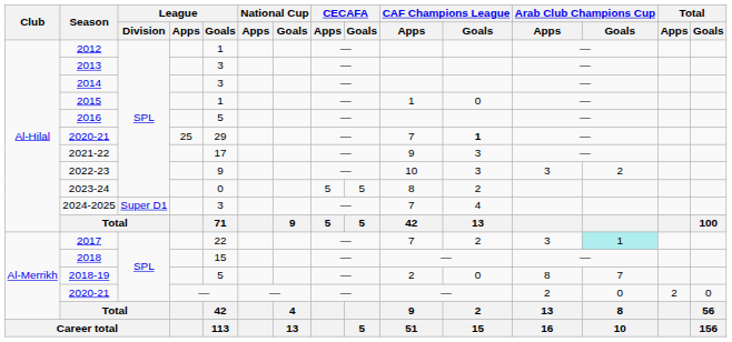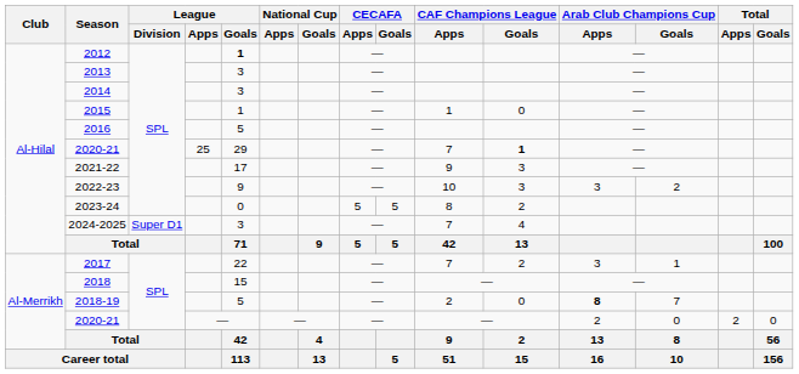 <table class="wikitable" style="text-align: center">
 <tr>
 <th rowspan="2">Club</th>
 <th rowspan="2">Season</th>
 <th colspan="3">League</th>
 <th colspan="2">National Cup</th>
 <th colspan="2"><a href='#'>CECAFA</a></th>
 <th colspan="2"><a href='#'>CAF Champions League</a></th>
 <th colspan="2"><a href='#'>Arab Club Champions Cup</a></th>
 <th colspan="2">Total</th>
 </tr>
 <tr>
 <th>Division</th>
 <th>Apps</th>
 <th>Goals</th>
 <th>Apps</th>
 <th>Goals</th>
 <th>Apps</th>
 <th>Goals</th>
 <th>Apps</th>
 <th>Goals</th>
 <th>Apps</th>
 <th>Goals</th>
 <th>Apps</th>
 <th>Goals</th>
 </tr>
 <tr>
 <td rowspan="11"><a href='#'>Al-Hilal</a></td>
 <td><a href='#'>2012</a></td>
 <td rowspan="9"><a href='#'>SPL</a></td>
 <td></td>
-<td>1</td>
+<td><strong>1</strong></td>
 <td></td>
 <td></td>
 <td colspan="2">—</td>
 <td></td>
 <td></td>
 <td colspan="2">—</td>
 <td></td>
 <td></td>
 </tr>
 <tr>
 <td><a href='#'>2013</a></td>
 <td></td>
 <td>3</td>
 <td></td>
 <td></td>
 <td colspan="2">—</td>
 <td></td>
 <td></td>
 <td colspan="2">—</td>
 <td></td>
 <td></td>
 </tr>
 <tr>
 <td><a href='#'>2014</a></td>
 <td></td>
 <td>3</td>
 <td></td>
 <td></td>
 <td colspan="2">—</td>
 <td></td>
 <td></td>
 <td colspan="2">—</td>
 <td></td>
 <td></td>
 </tr>
 <tr>
 <td><a href='#'>2015</a></td>
 <td></td>
 <td>1</td>
 <td></td>
 <td></td>
 <td colspan="2">—</td>
 <td>1</td>
 <td>0</td>
 <td colspan="2">—</td>
 <td></td>
 <td></td>
 </tr>
 <tr>
 <td><a href='#'>2016</a></td>
 <td></td>
 <td>5</td>
 <td></td>
 <td></td>
 <td colspan="2">—</td>
 <td></td>
 <td></td>
 <td colspan="2">—</td>
 <td></td>
 <td></td>
 </tr>
 <tr>
 <td><a href='#'>2020-21</a></td>
 <td>25</td>
 <td>29</td>
 <td></td>
 <td></td>
 <td colspan="2">—</td>
 <td>7</td>
 <td><strong>1</strong></td>
 <td colspan="2">—</td>
 <td></td>
 <td></td>
 </tr>
 <tr>
 <td 2021-22 Sudan Premier League>2021-22</td>
 <td></td>
 <td>17</td>
 <td></td>
 <td></td>
 <td colspan="2">—</td>
 <td>9</td>
 <td>3</td>
 <td colspan="2">—</td>
 <td></td>
 <td></td>
 </tr>
 <tr>
 <td 2022-23 Sudan Premier League>2022-23</td>
 <td></td>
 <td>9</td>
 <td></td>
 <td></td>
 <td colspan="2">—</td>
 <td>10</td>
 <td>3</td>
 <td>3</td>
 <td>2</td>
 <td></td>
 <td></td>
 </tr>
 <tr>
 <td 2023-24 Sudan Premier League>2023-24</td>
 <td></td>
 <td>0</td>
 <td></td>
 <td></td>
 <td>5</td>
 <td>5</td>
 <td>8</td>
 <td>2</td>
 <td></td>
 <td></td>
 <td></td>
 <td></td>
 </tr>
 <tr>
 <td>2024-2025</td>
 <td><a href='#'>Super D1</a></td>
 <td></td>
 <td>3</td>
 <td></td>
 <td></td>
 <td colspan="2">—</td>
 <td>7</td>
 <td>4</td>
 <td></td>
 <td></td>
 <td></td>
 <td></td>
 </tr>
 <tr>
 <th colspan="2">Total</th>
 <th></th>
 <th>71</th>
 <th></th>
 <th>9</th>
 <th>5</th>
 <th>5</th>
 <th>42</th>
 <th>13</th>
 <th></th>
 <th></th>
 <th></th>
 <th>100</th>
 </tr>
 <tr>
 <td rowspan="5"><a href='#'>Al-Merrikh</a></td>
 <td><a href='#'>2017</a></td>
 <td rowspan="4"><a href='#'>SPL</a></td>
 <td></td>
 <td>22</td>
 <td></td>
 <td></td>
 <td colspan="2">—</td>
 <td>7</td>
 <td>2</td>
 <td>3</td>
-<td style="background: paleturquoise;">1</td>
+<td>1</td>
 <td></td>
 <td></td>
 </tr>
 <tr>
 <td><a href='#'>2018</a></td>
 <td></td>
 <td>15</td>
 <td></td>
 <td></td>
 <td colspan="2">—</td>
 <td colspan="2">—</td>
 <td colspan="2">—</td>
 <td></td>
 <td></td>
 </tr>
 <tr>
 <td><a href='#'>2018-19</a></td>
 <td></td>
 <td>5</td>
 <td></td>
 <td></td>
 <td colspan="2">—</td>
 <td>2</td>
 <td>0</td>
-<td>8</td>
+<td><strong>8</strong></td>
 <td>7</td>
 <td></td>
 <td></td>
 </tr>
 <tr>
 <td><a href='#'>2020-21</a></td>
 <td colspan="2">—</td>
 <td colspan="2">—</td>
 <td colspan="2">—</td>
 <td colspan="2">—</td>
 <td>2</td>
 <td>0</td>
 <td>2</td>
 <td>0</td>
 </tr>
 <tr>
 <th colspan="2">Total</th>
 <th></th>
 <th>42</th>
 <th></th>
 <th>4</th>
 <th></th>
 <th></th>
 <th>9</th>
 <th>2</th>
 <th>13</th>
 <th>8</th>
 <th></th>
 <th>56</th>
 </tr>
 <tr>
 <th colspan="3">Career total</th>
 <th></th>
 <th>113</th>
 <th></th>
 <th>13</th>
 <th></th>
 <th>5</th>
 <th>51</th>
 <th>15</th>
 <th>16</th>
 <th>10</th>
 <th></th>
 <th>156</th>
 </tr>
 </table>
